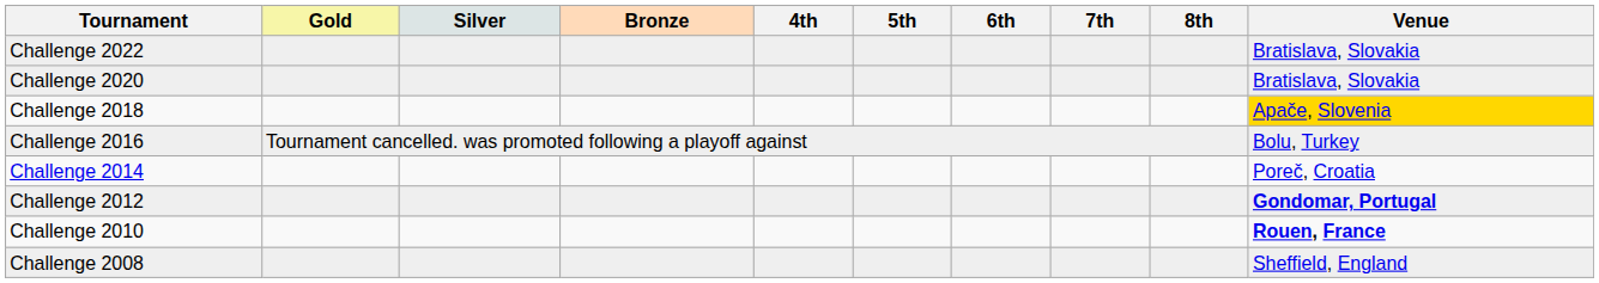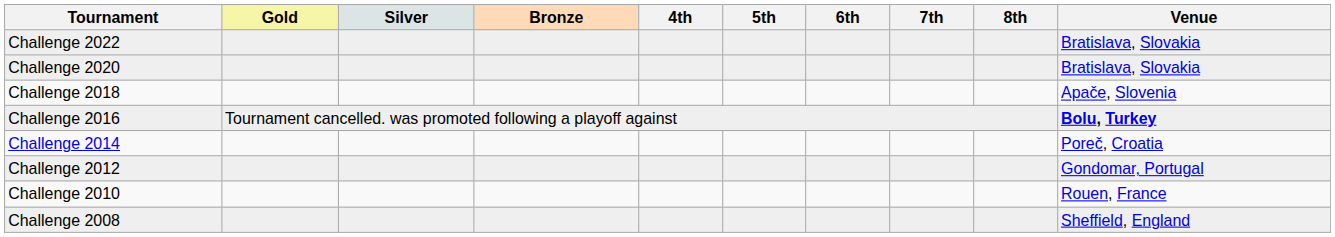 <table class="wikitable" style="width: 100%; font-size: 95%;">
 <tr bgcolor=#efefef>
 <th>Tournament</th>
 <th style="background:#F7F6A8;">Gold</th>
 <th style="background:#DCE5E5;">Silver</th>
 <th style="background:#FFDAB9;">Bronze</th>
 <th>4th</th>
 <th>5th</th>
 <th>6th</th>
 <th>7th</th>
 <th>8th</th>
 <th>Venue</th>
 </tr>
 <tr bgcolor=#efefef>
 <td>Challenge 2022</td>
 <td></td>
 <td></td>
 <td></td>
 <td></td>
 <td></td>
 <td></td>
 <td></td>
 <td></td>
 <td><a href='#'>Bratislava</a>, <a href='#'>Slovakia</a></td>
 </tr>
 <tr bgcolor=#efefef>
 <td>Challenge 2020</td>
 <td></td>
 <td></td>
 <td></td>
 <td></td>
 <td></td>
 <td></td>
 <td></td>
 <td></td>
 <td><a href='#'>Bratislava</a>, <a href='#'>Slovakia</a></td>
 </tr>
 <tr>
 <td>Challenge 2018</td>
 <td></td>
 <td></td>
 <td></td>
 <td></td>
 <td></td>
 <td></td>
 <td></td>
 <td></td>
-<td style="background: gold;"><a href='#'>Apače</a>, <a href='#'>Slovenia</a></td>
+<td><a href='#'>Apače</a>, <a href='#'>Slovenia</a></td>
 </tr>
 <tr bgcolor=#efefef>
 <td>Challenge 2016</td>
 <td colspan=8>Tournament cancelled.  was promoted following a playoff against </td>
-<td><a href='#'>Bolu</a>, <a href='#'>Turkey</a></td>
+<td><strong><a href='#'>Bolu</a>, <a href='#'>Turkey</a></strong></td>
 </tr>
 <tr bgcolor=>
 <td><a href='#'>Challenge 2014</a></td>
 <td></td>
 <td></td>
 <td></td>
 <td></td>
 <td></td>
 <td></td>
 <td></td>
 <td></td>
 <td><a href='#'>Poreč</a>, <a href='#'>Croatia</a></td>
 </tr>
 <tr bgcolor=#efefef>
 <td>Challenge 2012 </td>
 <td></td>
 <td></td>
 <td></td>
 <td></td>
 <td></td>
 <td></td>
 <td></td>
 <td></td>
-<td><strong><a href='#'>Gondomar, Portugal</a></strong></td>
+<td><a href='#'>Gondomar, Portugal</a></td>
 </tr>
 <tr bgcolor=>
 <td>Challenge 2010 </td>
 <td></td>
 <td></td>
 <td></td>
 <td></td>
 <td></td>
 <td></td>
 <td></td>
 <td></td>
-<td><strong><a href='#'>Rouen</a>, <a href='#'>France</a></strong></td>
+<td><a href='#'>Rouen</a>, <a href='#'>France</a></td>
 </tr>
 <tr bgcolor=#efefef>
 <td>Challenge 2008 </td>
 <td></td>
 <td></td>
 <td></td>
 <td></td>
 <td></td>
 <td></td>
 <td></td>
 <td></td>
 <td><a href='#'>Sheffield</a>, <a href='#'>England</a></td>
 </tr>
 </table>
